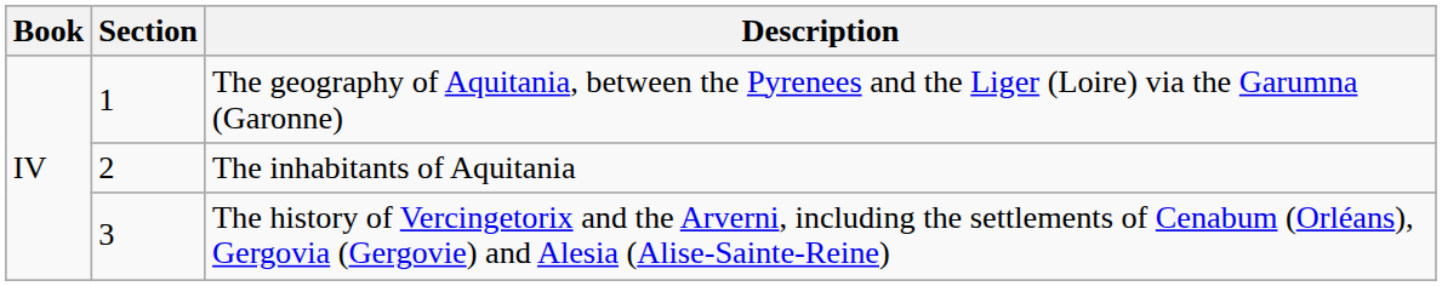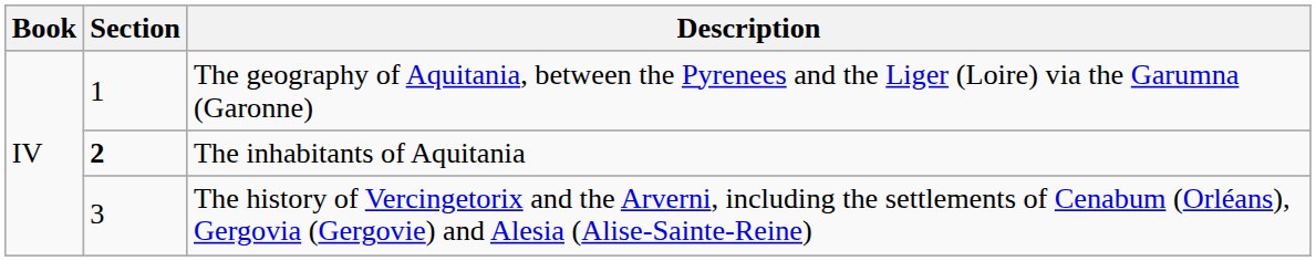 <table class="wikitable" style="max-width:45em;">
 <tr>
 <th>Book</th>
 <th>Section</th>
 <th>Description</th>
 </tr>
 <tr>
 <td rowspan="15">IV</td>
 <td>1</td>
 <td>The geography of <a href='#'>Aquitania</a>, between the <a href='#'>Pyrenees</a> and the <a href='#'>Liger</a> (Loire) via the <a href='#'>Garumna</a> (Garonne)</td>
 </tr>
 <tr>
-<td>2</td>
+<td><strong>2</strong></td>
 <td>The inhabitants of Aquitania</td>
 </tr>
 <tr>
 <td>3</td>
 <td>The history of <a href='#'>Vercingetorix</a> and the <a href='#'>Arverni</a>, including the settlements of <a href='#'>Cenabum</a> (<a href='#'>Orléans</a>), <a href='#'>Gergovia</a> (<a href='#'>Gergovie</a>) and <a href='#'>Alesia</a> (<a href='#'>Alise-Sainte-Reine</a>)</td>
 </tr>
 </table>
